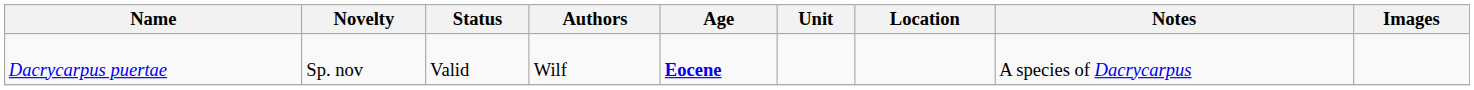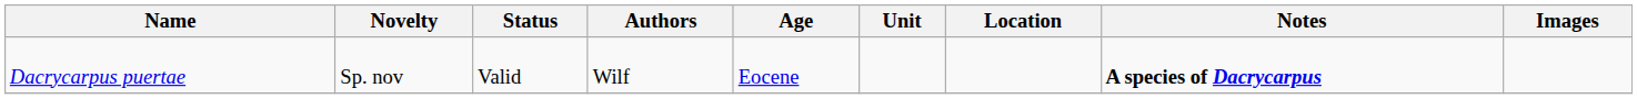 <table class="wikitable sortable" align="center" width="100%">
 <tr>
 <th>Name</th>
 <th>Novelty</th>
 <th>Status</th>
 <th>Authors</th>
 <th>Age</th>
 <th>Unit</th>
 <th>Location</th>
 <th>Notes</th>
 <th>Images</th>
 </tr>
 <tr>
 <td><br><em><a href='#'>Dacrycarpus puertae</a></em></td>
 <td><br>Sp. nov</td>
 <td><br>Valid</td>
 <td><br>Wilf</td>
-<td><strong><br><a href='#'>Eocene</a></strong></td>
+<td><br><a href='#'>Eocene</a></td>
 <td></td>
 <td><br></td>
-<td><br>A species of <em><a href='#'>Dacrycarpus</a></em></td>
+<td><strong><br>A species of <em><a href='#'>Dacrycarpus</a></em></strong></td>
 <td></td>
 </tr>
 <tr>
 </tr>
 </table>
